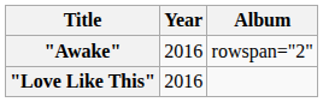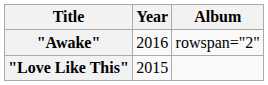 <table class="wikitable plainrowheaders" style="text-align:center;">
 <tr>
 <th>Title</th>
 <th>Year</th>
 <th>Album</th>
 </tr>
 <tr>
 <th scope="row">"Awake"<br></th>
 <td>2016</td>
 <td>rowspan="2" </td>
 </tr>
 <tr>
 <th scope="row">"Love Like This"<br></th>
-<td>2016</td>
+<td>2015</td>
 </tr>
 </table>
